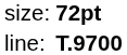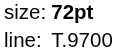 <table style="margin-left:40px;">
 <tr>
 <td>size:</td>
 <td><strong>72pt</strong></td>
 </tr>
 <tr>
 <td>line:</td>
-<td><strong>T.9700</strong></td>
+<td>T.9700</td>
 </tr>
 </table>
